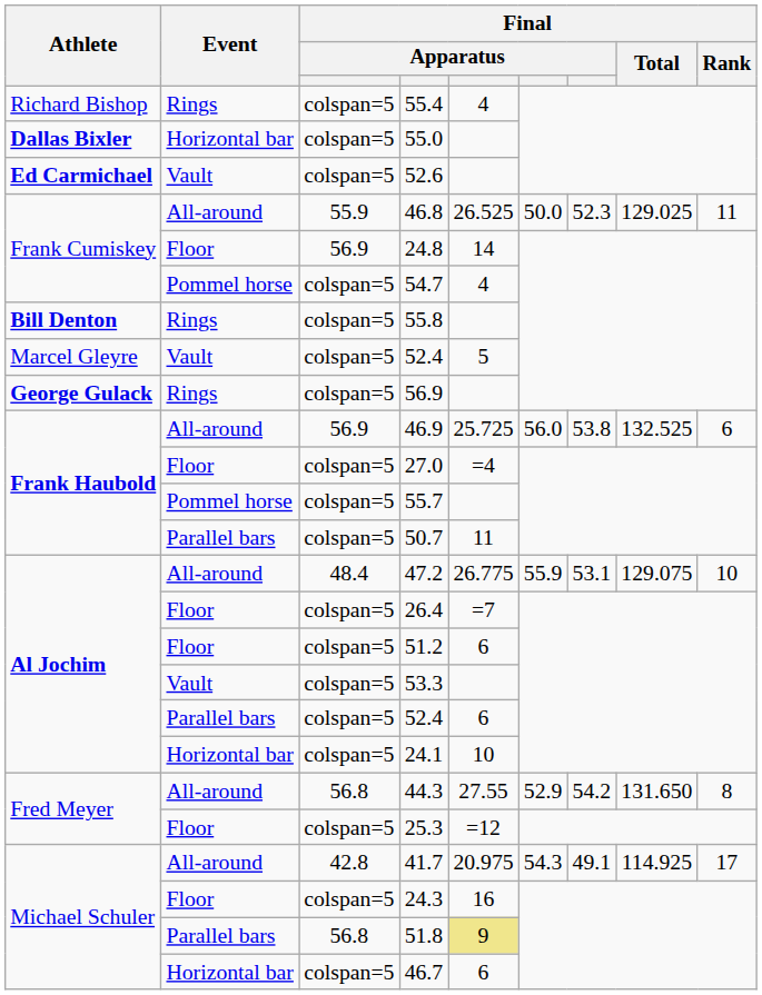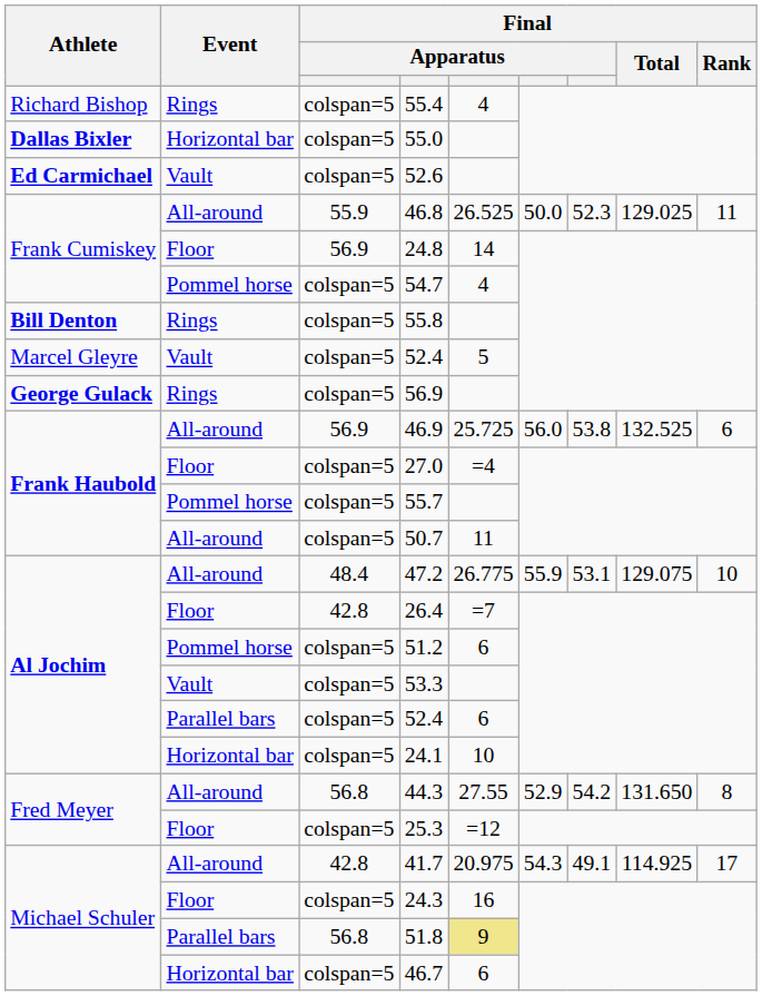 <table class="wikitable" style="font-size:90%">
 <tr>
 <th rowspan=3>Athlete</th>
 <th rowspan=3>Event</th>
 <th colspan=7>Final</th>
 </tr>
 <tr style="font-size:95%">
 <th colspan=5>Apparatus</th>
 <th rowspan=2>Total</th>
 <th rowspan=2>Rank</th>
 </tr>
 <tr style="font-size:95%">
 <th></th>
 <th></th>
 <th></th>
 <th></th>
 <th></th>
 </tr>
 <tr align=center>
 <td align=left><a href='#'>Richard Bishop</a></td>
 <td align=left><a href='#'>Rings</a></td>
 <td>colspan=5 </td>
 <td>55.4</td>
 <td>4</td>
 </tr>
 <tr align=center>
 <td align=left><strong><a href='#'>Dallas Bixler</a></strong></td>
 <td align=left><a href='#'>Horizontal bar</a></td>
 <td>colspan=5 </td>
 <td>55.0</td>
 <td></td>
 </tr>
 <tr align=center>
 <td align=left><strong><a href='#'>Ed Carmichael</a></strong></td>
 <td align=left><a href='#'>Vault</a></td>
 <td>colspan=5 </td>
 <td>52.6</td>
 <td></td>
 </tr>
 <tr align=center>
 <td align=left rowspan=3><a href='#'>Frank Cumiskey</a></td>
 <td align=left><a href='#'>All-around</a></td>
 <td>55.9</td>
 <td>46.8</td>
 <td>26.525</td>
 <td>50.0</td>
 <td>52.3</td>
 <td>129.025</td>
 <td>11</td>
 </tr>
 <tr align=center>
 <td align=left><a href='#'>Floor</a></td>
 <td>56.9</td>
 <td>24.8</td>
 <td>14</td>
 </tr>
 <tr align=center>
 <td align=left><a href='#'>Pommel horse</a></td>
 <td>colspan=5 </td>
 <td>54.7</td>
 <td>4</td>
 </tr>
 <tr align=center>
 <td align=left><strong><a href='#'>Bill Denton</a></strong></td>
 <td align=left><a href='#'>Rings</a></td>
 <td>colspan=5 </td>
 <td>55.8</td>
 <td></td>
 </tr>
 <tr align=center>
 <td align=left><a href='#'>Marcel Gleyre</a></td>
 <td align=left><a href='#'>Vault</a></td>
 <td>colspan=5 </td>
 <td>52.4</td>
 <td>5</td>
 </tr>
 <tr align=center>
 <td align=left><strong><a href='#'>George Gulack</a></strong></td>
 <td align=left><a href='#'>Rings</a></td>
 <td>colspan=5 </td>
 <td>56.9</td>
 <td></td>
 </tr>
 <tr align=center>
 <td align=left rowspan=4><strong><a href='#'>Frank Haubold</a></strong></td>
 <td align=left><a href='#'>All-around</a></td>
 <td>56.9</td>
 <td>46.9</td>
 <td>25.725</td>
 <td>56.0</td>
 <td>53.8</td>
 <td>132.525</td>
 <td>6</td>
 </tr>
 <tr align=center>
 <td align=left><a href='#'>Floor</a></td>
 <td>colspan=5 </td>
 <td>27.0</td>
 <td>=4</td>
 </tr>
 <tr align=center>
 <td align=left><a href='#'>Pommel horse</a></td>
 <td>colspan=5 </td>
 <td>55.7</td>
 <td></td>
 </tr>
 <tr align=center>
-<td align=left><a href='#'>Parallel bars</a></td>
+<td align=left><a href='#'>All-around</a></td>
 <td>colspan=5 </td>
 <td>50.7</td>
 <td>11</td>
 </tr>
 <tr align=center>
 <td align=left rowspan=6><strong><a href='#'>Al Jochim</a></strong></td>
 <td align=left><a href='#'>All-around</a></td>
 <td>48.4</td>
 <td>47.2</td>
 <td>26.775</td>
 <td>55.9</td>
 <td>53.1</td>
 <td>129.075</td>
 <td>10</td>
 </tr>
 <tr align=center>
 <td align=left><a href='#'>Floor</a></td>
-<td>colspan=5 </td>
+<td>42.8</td>
 <td>26.4</td>
 <td>=7</td>
 </tr>
 <tr align=center>
-<td align=left><a href='#'>Floor</a></td>
+<td align=left><a href='#'>Pommel horse</a></td>
 <td>colspan=5 </td>
 <td>51.2</td>
 <td>6</td>
 </tr>
 <tr align=center>
 <td align=left><a href='#'>Vault</a></td>
 <td>colspan=5 </td>
 <td>53.3</td>
 <td></td>
 </tr>
 <tr align=center>
 <td align=left><a href='#'>Parallel bars</a></td>
 <td>colspan=5 </td>
 <td>52.4</td>
 <td>6</td>
 </tr>
 <tr align=center>
 <td align=left><a href='#'>Horizontal bar</a></td>
 <td>colspan=5 </td>
 <td>24.1</td>
 <td>10</td>
 </tr>
 <tr align=center>
 <td align=left rowspan=2><a href='#'>Fred Meyer</a></td>
 <td align=left><a href='#'>All-around</a></td>
 <td>56.8</td>
 <td>44.3</td>
 <td>27.55</td>
 <td>52.9</td>
 <td>54.2</td>
 <td>131.650</td>
 <td>8</td>
 </tr>
 <tr align=center>
 <td align=left><a href='#'>Floor</a></td>
 <td>colspan=5 </td>
 <td>25.3</td>
 <td>=12</td>
 </tr>
 <tr align=center>
 <td align=left rowspan=4><a href='#'>Michael Schuler</a></td>
 <td align=left><a href='#'>All-around</a></td>
 <td>42.8</td>
 <td>41.7</td>
 <td>20.975</td>
 <td>54.3</td>
 <td>49.1</td>
 <td>114.925</td>
 <td>17</td>
 </tr>
 <tr align=center>
 <td align=left><a href='#'>Floor</a></td>
 <td>colspan=5 </td>
 <td>24.3</td>
 <td>16</td>
 </tr>
 <tr align=center>
 <td align=left><a href='#'>Parallel bars</a></td>
 <td>56.8</td>
 <td>51.8</td>
 <td style="background: khaki;">9</td>
 </tr>
 <tr align=center>
 <td align=left><a href='#'>Horizontal bar</a></td>
 <td>colspan=5 </td>
 <td>46.7</td>
 <td>6</td>
 </tr>
 </table>
